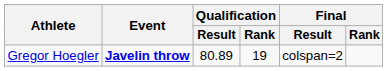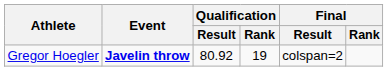 <table class=wikitable style=font-size:90%;text-align:center>
 <tr>
 <th rowspan=2>Athlete</th>
 <th rowspan=2>Event</th>
 <th colspan=2>Qualification</th>
 <th colspan=2>Final</th>
 </tr>
 <tr style=font-size:95%>
 <th>Result</th>
 <th>Rank</th>
 <th>Result</th>
 <th>Rank</th>
 </tr>
 <tr>
 <td align=left><a href='#'>Gregor Hoegler</a></td>
 <td align=left><strong><a href='#'>Javelin throw</a></strong></td>
-<td>80.89</td>
+<td>80.92</td>
 <td>19</td>
 <td>colspan=2 </td>
 </tr>
 </table>
